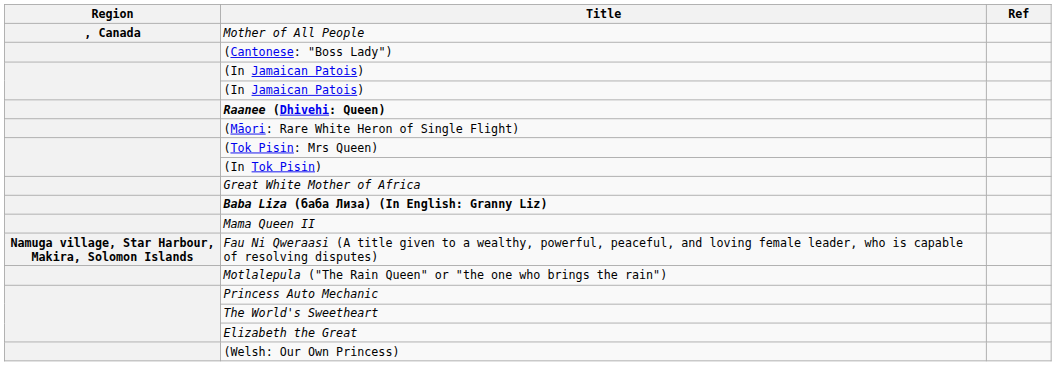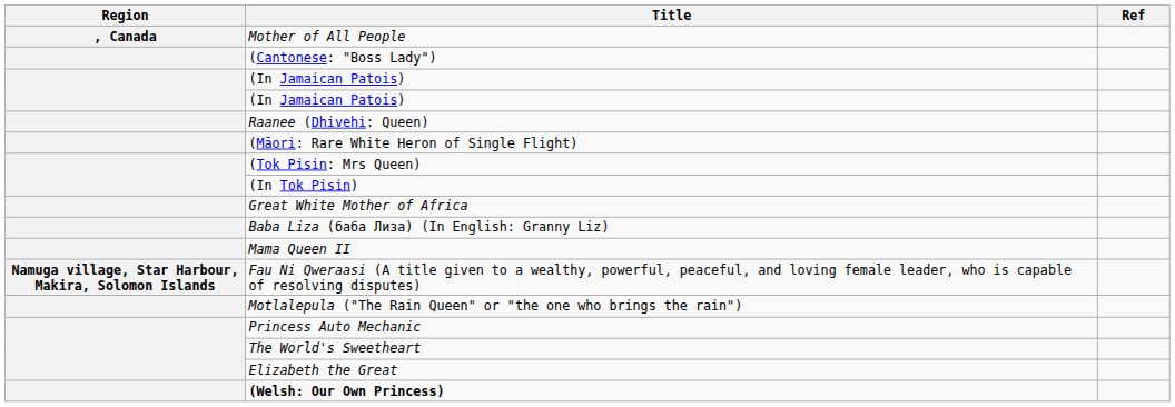 <table class="wikitable plainrowheaders">
 <tr>
 <th scope="col" style="width:18em;">Region</th>
 <th scope="col" style="width:65em;">Title</th>
 <th scope="col" style="width:5em;">Ref</th>
 </tr>
 <tr>
 <th scope="row">, Canada</th>
 <td><em>Mother of All People</em></td>
 <td></td>
 </tr>
 <tr>
 <th scope="row"></th>
 <td> (<a href='#'>Cantonese</a>: "Boss Lady")</td>
 <td></td>
 </tr>
 <tr>
 <th rowspan="2" scope="row"></th>
 <td> (In <a href='#'>Jamaican Patois</a>)</td>
 <td></td>
 </tr>
 <tr>
 <td> (In <a href='#'>Jamaican Patois</a>)</td>
 <td></td>
 </tr>
 <tr>
 <th scope="row"></th>
-<td><strong><em>Raanee</em> (<a href='#'>Dhivehi</a>: Queen)</strong></td>
+<td><em>Raanee</em> (<a href='#'>Dhivehi</a>: Queen)</td>
 <td></td>
 </tr>
 <tr>
 <th scope="row"></th>
 <td> (<a href='#'>Māori</a>: Rare White Heron of Single Flight)</td>
 <td></td>
 </tr>
 <tr>
 <th rowspan="2" scope="row"></th>
 <td> (<a href='#'>Tok Pisin</a>: Mrs Queen)</td>
 <td></td>
 </tr>
 <tr>
 <td> (In <a href='#'>Tok Pisin</a>)</td>
 <td></td>
 </tr>
 <tr>
 <th scope="row"></th>
 <td><em>Great White Mother of Africa</em></td>
 <td></td>
 </tr>
 <tr>
 <th scope="row"></th>
-<td><strong><em>Baba Liza</em> (баба Лиза) (In English: Granny Liz)</strong></td>
+<td><em>Baba Liza</em> (баба Лиза) (In English: Granny Liz)</td>
 <td></td>
 </tr>
 <tr>
 <th scope="row"></th>
 <td><em>Mama Queen II</em></td>
 <td></td>
 </tr>
 <tr>
 <th scope="row">Namuga village, Star Harbour, Makira, Solomon Islands</th>
 <td><em>Fau Ni Qweraasi</em> (A title given to a wealthy, powerful, peaceful, and loving female leader, who is capable of resolving disputes)</td>
 <td></td>
 </tr>
 <tr>
 <th scope="row"></th>
 <td><em>Motlalepula</em> ("The Rain Queen" or "the one who brings the rain")</td>
 <td></td>
 </tr>
 <tr>
 <th rowspan="3" scope="row"></th>
 <td><em>Princess Auto Mechanic</em></td>
 <td></td>
 </tr>
 <tr>
 <td><em>The World's Sweetheart</em></td>
 <td></td>
 </tr>
 <tr>
 <td><em>Elizabeth the Great</em></td>
 <td></td>
 </tr>
 <tr>
 <th scope="row"></th>
-<td> (Welsh: Our Own Princess)</td>
+<td><strong> (Welsh: Our Own Princess)</strong></td>
 <td></td>
 </tr>
 </table>
